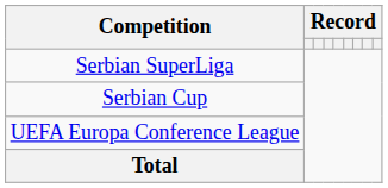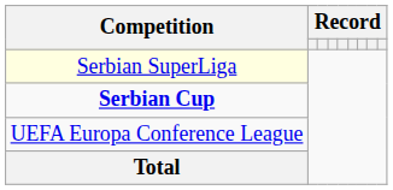 <table class="wikitable" style="text-align: center">
 <tr>
 <th rowspan=2>Competition</th>
 <th colspan=8>Record</th>
 </tr>
 <tr>
 <th></th>
 <th></th>
 <th></th>
 <th></th>
 <th></th>
 <th></th>
 <th></th>
 <th></th>
 </tr>
 <tr>
-<td><a href='#'>Serbian SuperLiga</a><br></td>
+<td style="background: lightyellow;"><a href='#'>Serbian SuperLiga</a><br></td>
 </tr>
 <tr>
-<td><a href='#'>Serbian Cup</a><br></td>
+<td><strong><a href='#'>Serbian Cup</a><br></strong></td>
 </tr>
 <tr>
 <td><a href='#'>UEFA Europa Conference League</a><br></td>
 </tr>
 <tr>
 <th>Total<br></th>
 </tr>
 </table>
